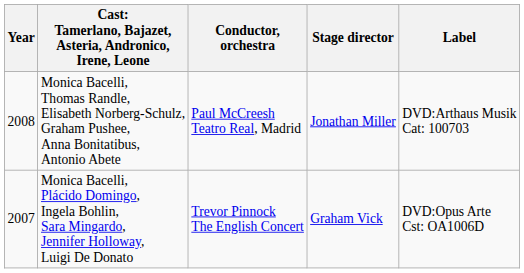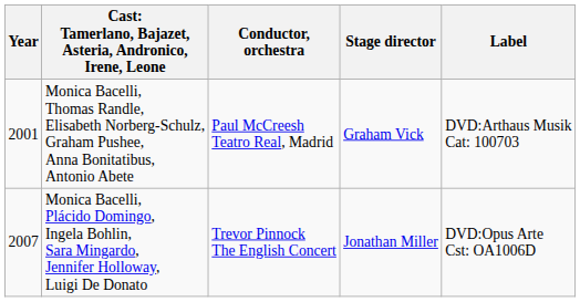 <table class="wikitable">
 <tr>
 <th>Year</th>
 <th>Cast:<br>Tamerlano, Bajazet, <br>Asteria, Andronico,<br>Irene, Leone</th>
 <th>Conductor,<br>orchestra</th>
 <th>Stage director</th>
 <th>Label</th>
 </tr>
 <tr>
-<td>2008</td>
+<td>2001</td>
 <td>Monica Bacelli,<br>Thomas Randle,<br>Elisabeth Norberg-Schulz,<br>Graham Pushee,<br> Anna Bonitatibus,<br>Antonio Abete</td>
 <td><a href='#'>Paul McCreesh</a><br><a href='#'>Teatro Real</a>, Madrid</td>
-<td><a href='#'>Jonathan Miller</a></td>
+<td><a href='#'>Graham Vick</a></td>
 <td>DVD:Arthaus Musik<br>Cat: 100703</td>
 </tr>
 <tr>
 <td>2007</td>
 <td>Monica Bacelli,<br><a href='#'>Plácido Domingo</a>,<br>Ingela Bohlin,<br> <a href='#'>Sara Mingardo</a>,<br><a href='#'>Jennifer Holloway</a>,<br>Luigi De Donato</td>
 <td><a href='#'>Trevor Pinnock</a><br><a href='#'>The English Concert</a></td>
-<td><a href='#'>Graham Vick</a></td>
+<td><a href='#'>Jonathan Miller</a></td>
 <td>DVD:Opus Arte<br>Cst: OA1006D</td>
 </tr>
 </table>
